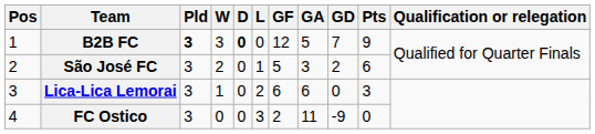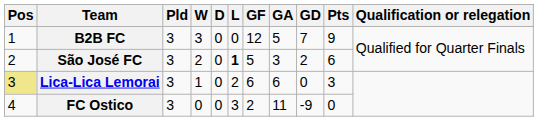 <table class="wikitable">
 <tr>
 <th><abbr>Pos</abbr></th>
 <th>Team</th>
 <th><abbr>Pld</abbr></th>
 <th><abbr>W</abbr></th>
 <th><abbr>D</abbr></th>
 <th><abbr>L</abbr></th>
 <th><abbr>GF</abbr></th>
 <th><abbr>GA</abbr></th>
 <th><abbr>GD</abbr></th>
 <th><abbr>Pts</abbr></th>
 <th>Qualification or relegation</th>
 </tr>
 <tr>
 <td>1</td>
 <th>B2B FC</th>
-<td><strong>3</strong></td>
 <td>3</td>
-<td><strong>0</strong></td>
+<td>3</td>
+<td>0</td>
 <td>0</td>
 <td>12</td>
 <td>5</td>
 <td>7</td>
 <td>9</td>
 <td rowspan="2">Qualified for Quarter Finals</td>
 </tr>
 <tr>
 <td>2</td>
 <th>São José FC</th>
 <td>3</td>
 <td>2</td>
 <td>0</td>
-<td>1</td>
+<td><strong>1</strong></td>
 <td>5</td>
 <td>3</td>
 <td>2</td>
 <td>6</td>
 </tr>
 <tr>
-<td>3</td>
+<td style="background: khaki;">3</td>
 <th><a href='#'>Lica-Lica Lemorai</a></th>
 <td>3</td>
 <td>1</td>
 <td>0</td>
 <td>2</td>
 <td>6</td>
 <td>6</td>
 <td>0</td>
 <td>3</td>
 <td rowspan="2"></td>
 </tr>
 <tr>
 <td>4</td>
 <th>FC Ostico</th>
 <td>3</td>
 <td>0</td>
 <td>0</td>
 <td>3</td>
 <td>2</td>
 <td>11</td>
 <td>-9</td>
 <td>0</td>
 </tr>
 </table>
